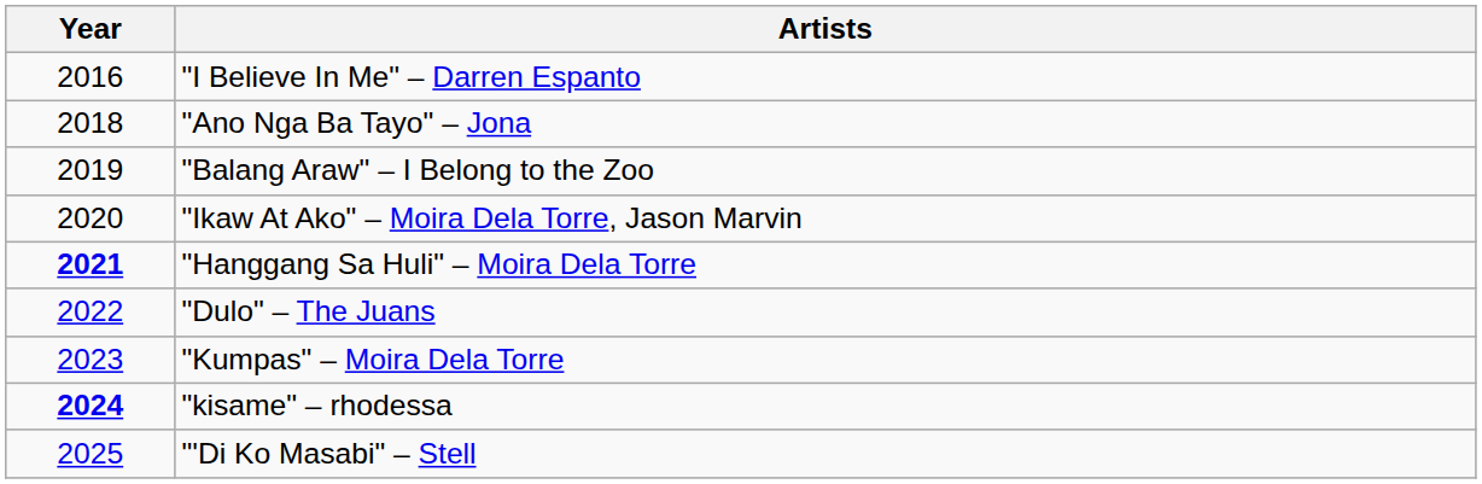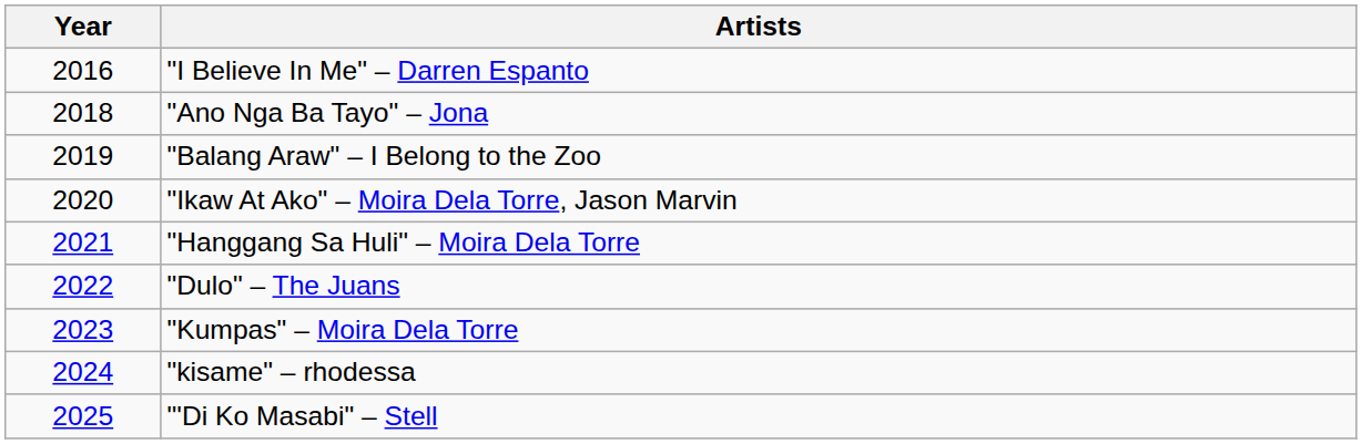 <table class="wikitable sortable"  style="width:50%;">
 <tr>
 <th width=5%  scope="col">Year</th>
 <th ! width=40%  scope="col">Artists</th>
 </tr>
 <tr>
 <td align="center">2016</td>
 <td>"I Believe In Me" – <a href='#'>Darren Espanto</a></td>
 </tr>
 <tr>
 <td align="center">2018</td>
 <td>"Ano Nga Ba Tayo" – <a href='#'>Jona</a></td>
 </tr>
 <tr>
 <td align="center">2019</td>
 <td>"Balang Araw" – I Belong to the Zoo</td>
 </tr>
 <tr>
 <td align="center">2020</td>
 <td>"Ikaw At Ako" – <a href='#'>Moira Dela Torre</a>, Jason Marvin</td>
 </tr>
 <tr>
-<td align="center"><strong><a href='#'>2021</a></strong></td>
+<td align="center"><a href='#'>2021</a></td>
 <td>"Hanggang Sa Huli" – <a href='#'>Moira Dela Torre</a></td>
 </tr>
 <tr>
 <td align="center"><a href='#'>2022</a></td>
 <td>"Dulo" – <a href='#'>The Juans</a></td>
 </tr>
 <tr>
 <td align="center"><a href='#'>2023</a></td>
 <td>"Kumpas" – <a href='#'>Moira Dela Torre</a></td>
 </tr>
 <tr>
-<td align="center"><strong><a href='#'>2024</a></strong></td>
+<td align="center"><a href='#'>2024</a></td>
 <td>"kisame" – rhodessa</td>
 </tr>
 <tr>
 <td align="center"><a href='#'>2025</a></td>
 <td>"'Di Ko Masabi" – <a href='#'>Stell</a></td>
 </tr>
 </table>
